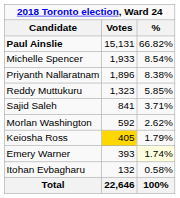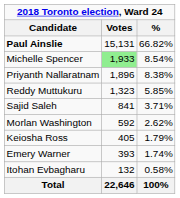 <table class="wikitable">
 <tr>
 <td Colspan="3" align="center"><strong><a href='#'>2018 Toronto election</a>, Ward 24</strong></td>
 </tr>
 <tr>
 <th bgcolor="#DDDDFF" width="150px">Candidate</th>
 <th bgcolor="#DDDDFF">Votes</th>
 <th bgcolor="#DDDDFF">%</th>
 </tr>
 <tr>
 <td><strong>Paul Ainslie</strong></td>
 <td align=right>15,131</td>
 <td align=right>66.82%</td>
 </tr>
 <tr>
 <td>Michelle Spencer</td>
-<td align=right>1,933</td>
+<td align=right style="background: lightgreen;">1,933</td>
 <td align=right>8.54%</td>
 </tr>
 <tr>
 <td>Priyanth Nallaratnam</td>
 <td align=right>1,896</td>
 <td align=right>8.38%</td>
 </tr>
 <tr>
 <td>Reddy Muttukuru</td>
 <td align=right>1,323</td>
 <td align=right>5.85%</td>
 </tr>
 <tr>
 <td>Sajid Saleh</td>
 <td align=right>841</td>
 <td align=right>3.71%</td>
 </tr>
 <tr>
 <td>Morlan Washington</td>
 <td align=right>592</td>
 <td align=right>2.62%</td>
 </tr>
 <tr>
 <td>Keiosha Ross</td>
-<td align=right style="background: gold;">405</td>
+<td align=right>405</td>
 <td align=right>1.79%</td>
 </tr>
 <tr>
 <td>Emery Warner</td>
 <td align=right>393</td>
-<td align=right style="background: lightyellow;">1.74%</td>
+<td align=right>1.74%</td>
 </tr>
 <tr>
 <td>Itohan Evbagharu</td>
 <td align=right>132</td>
 <td align=right>0.58%</td>
 </tr>
 <tr>
 <th>Total</th>
 <th align=right>22,646</th>
 <th align=right>100%</th>
 </tr>
 </table>
